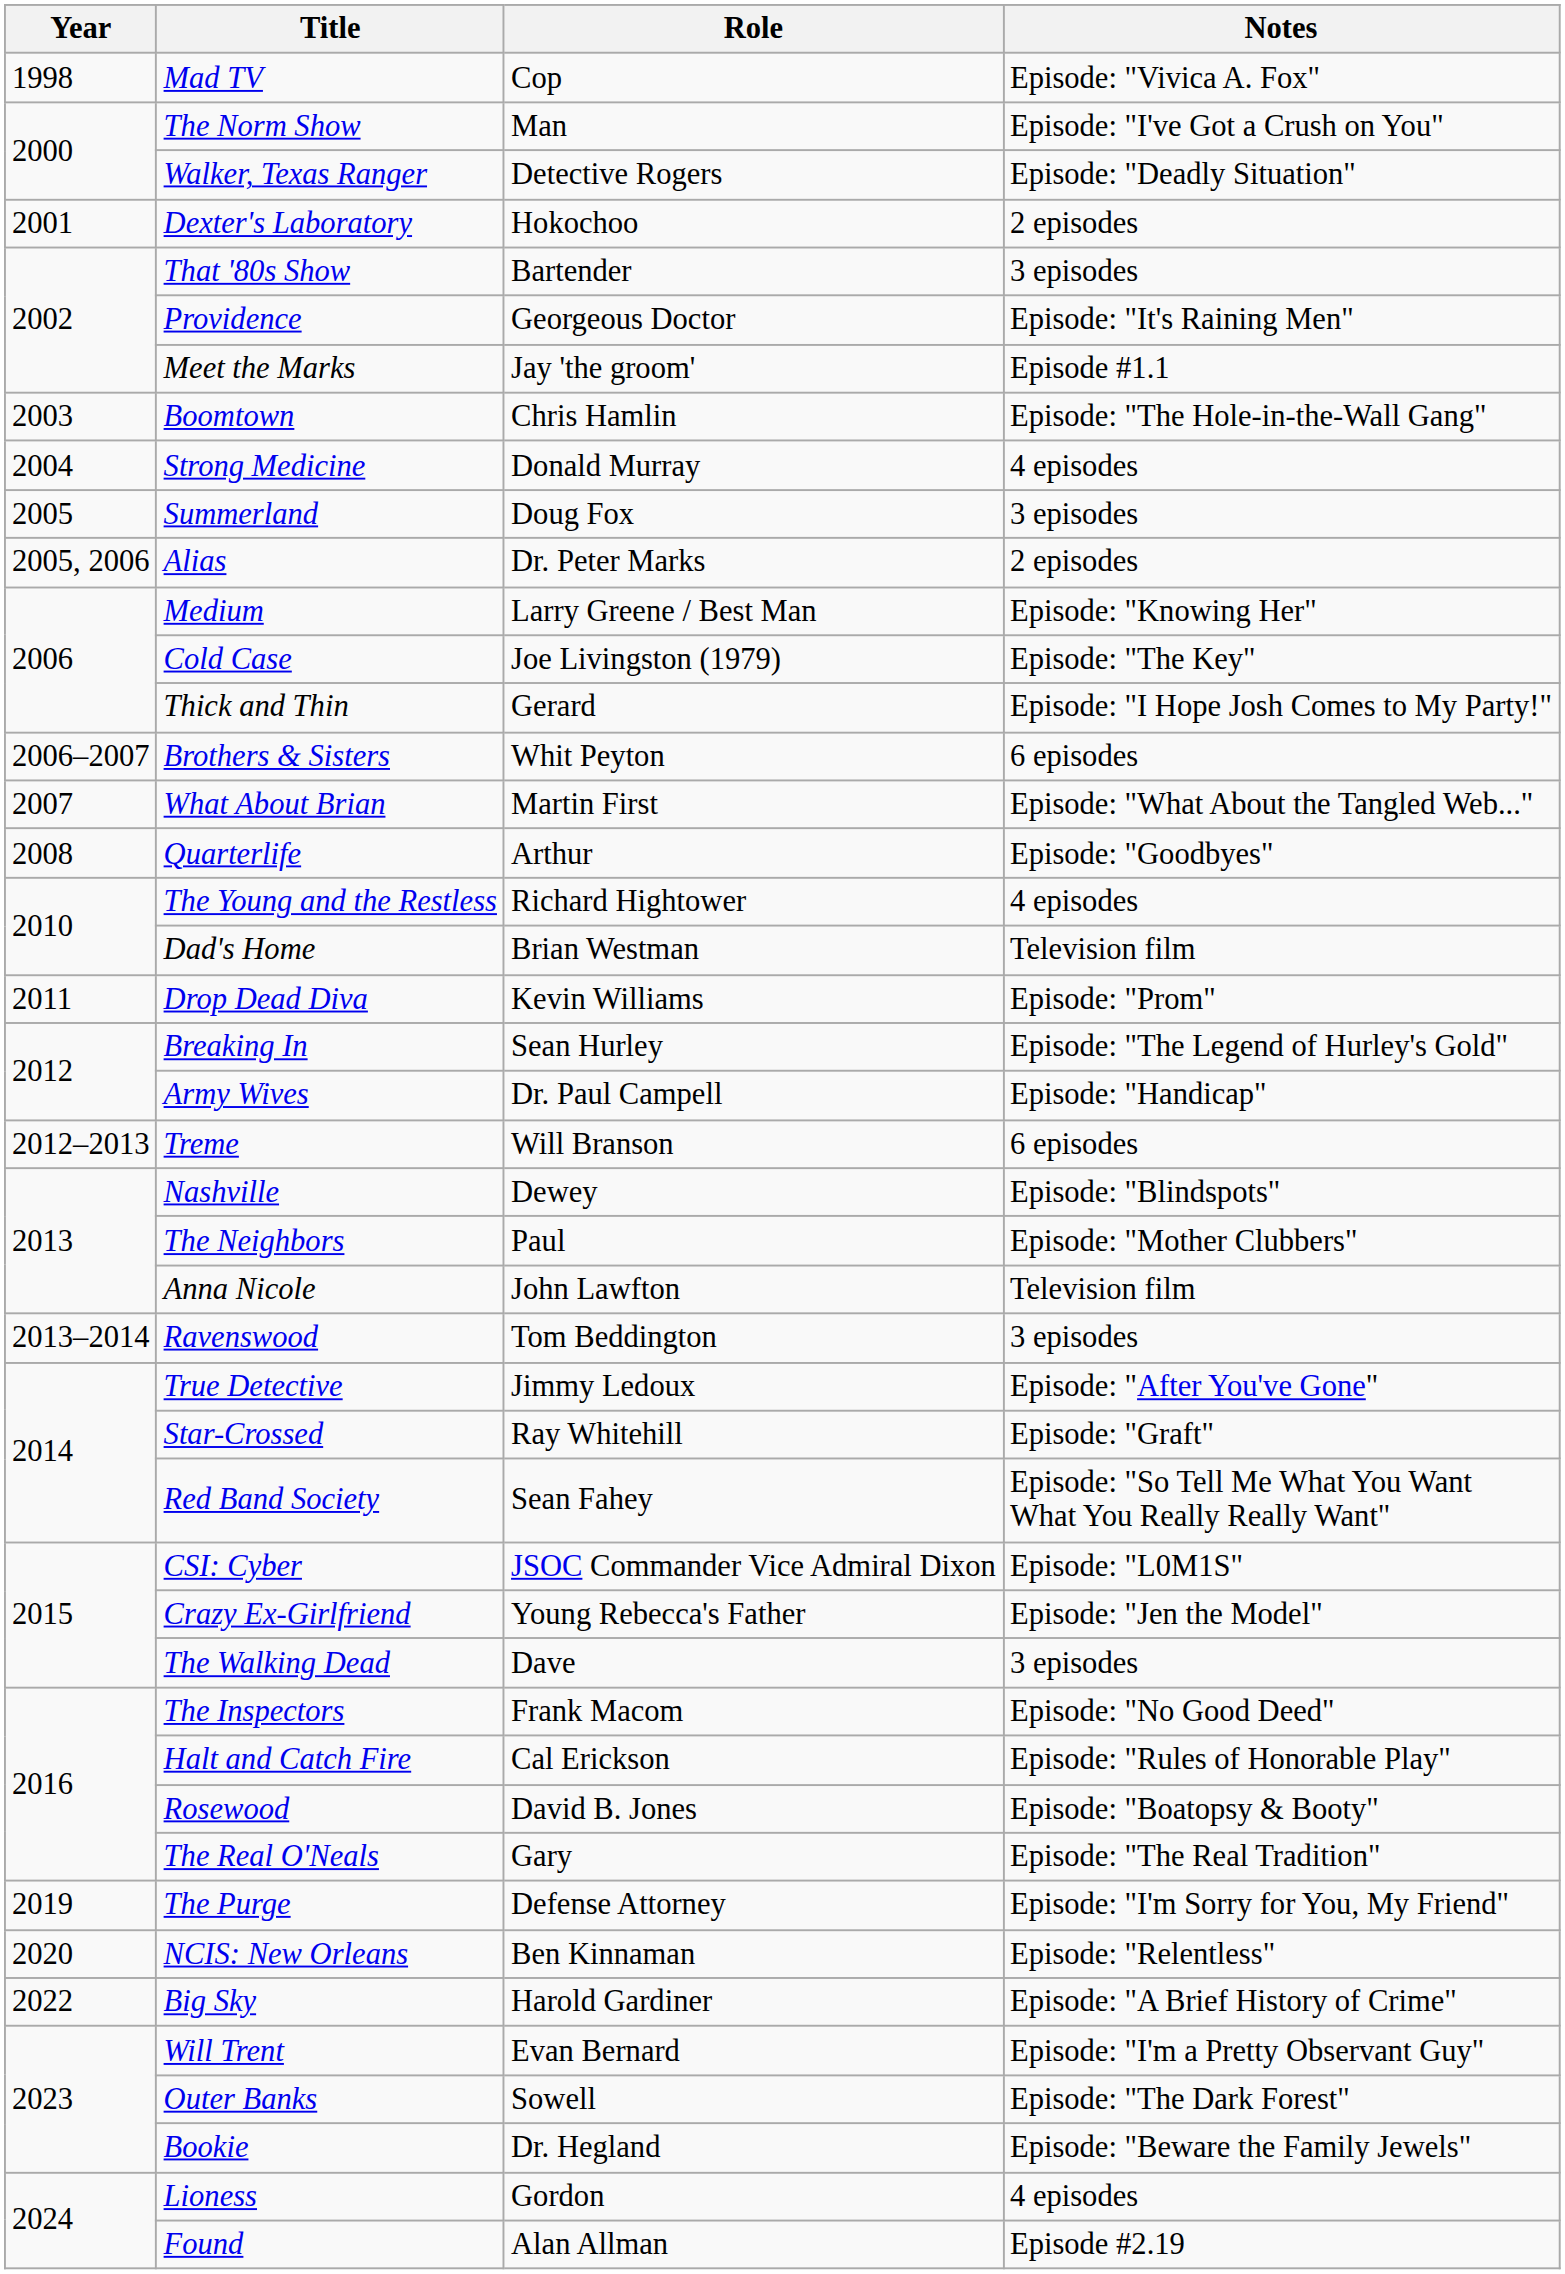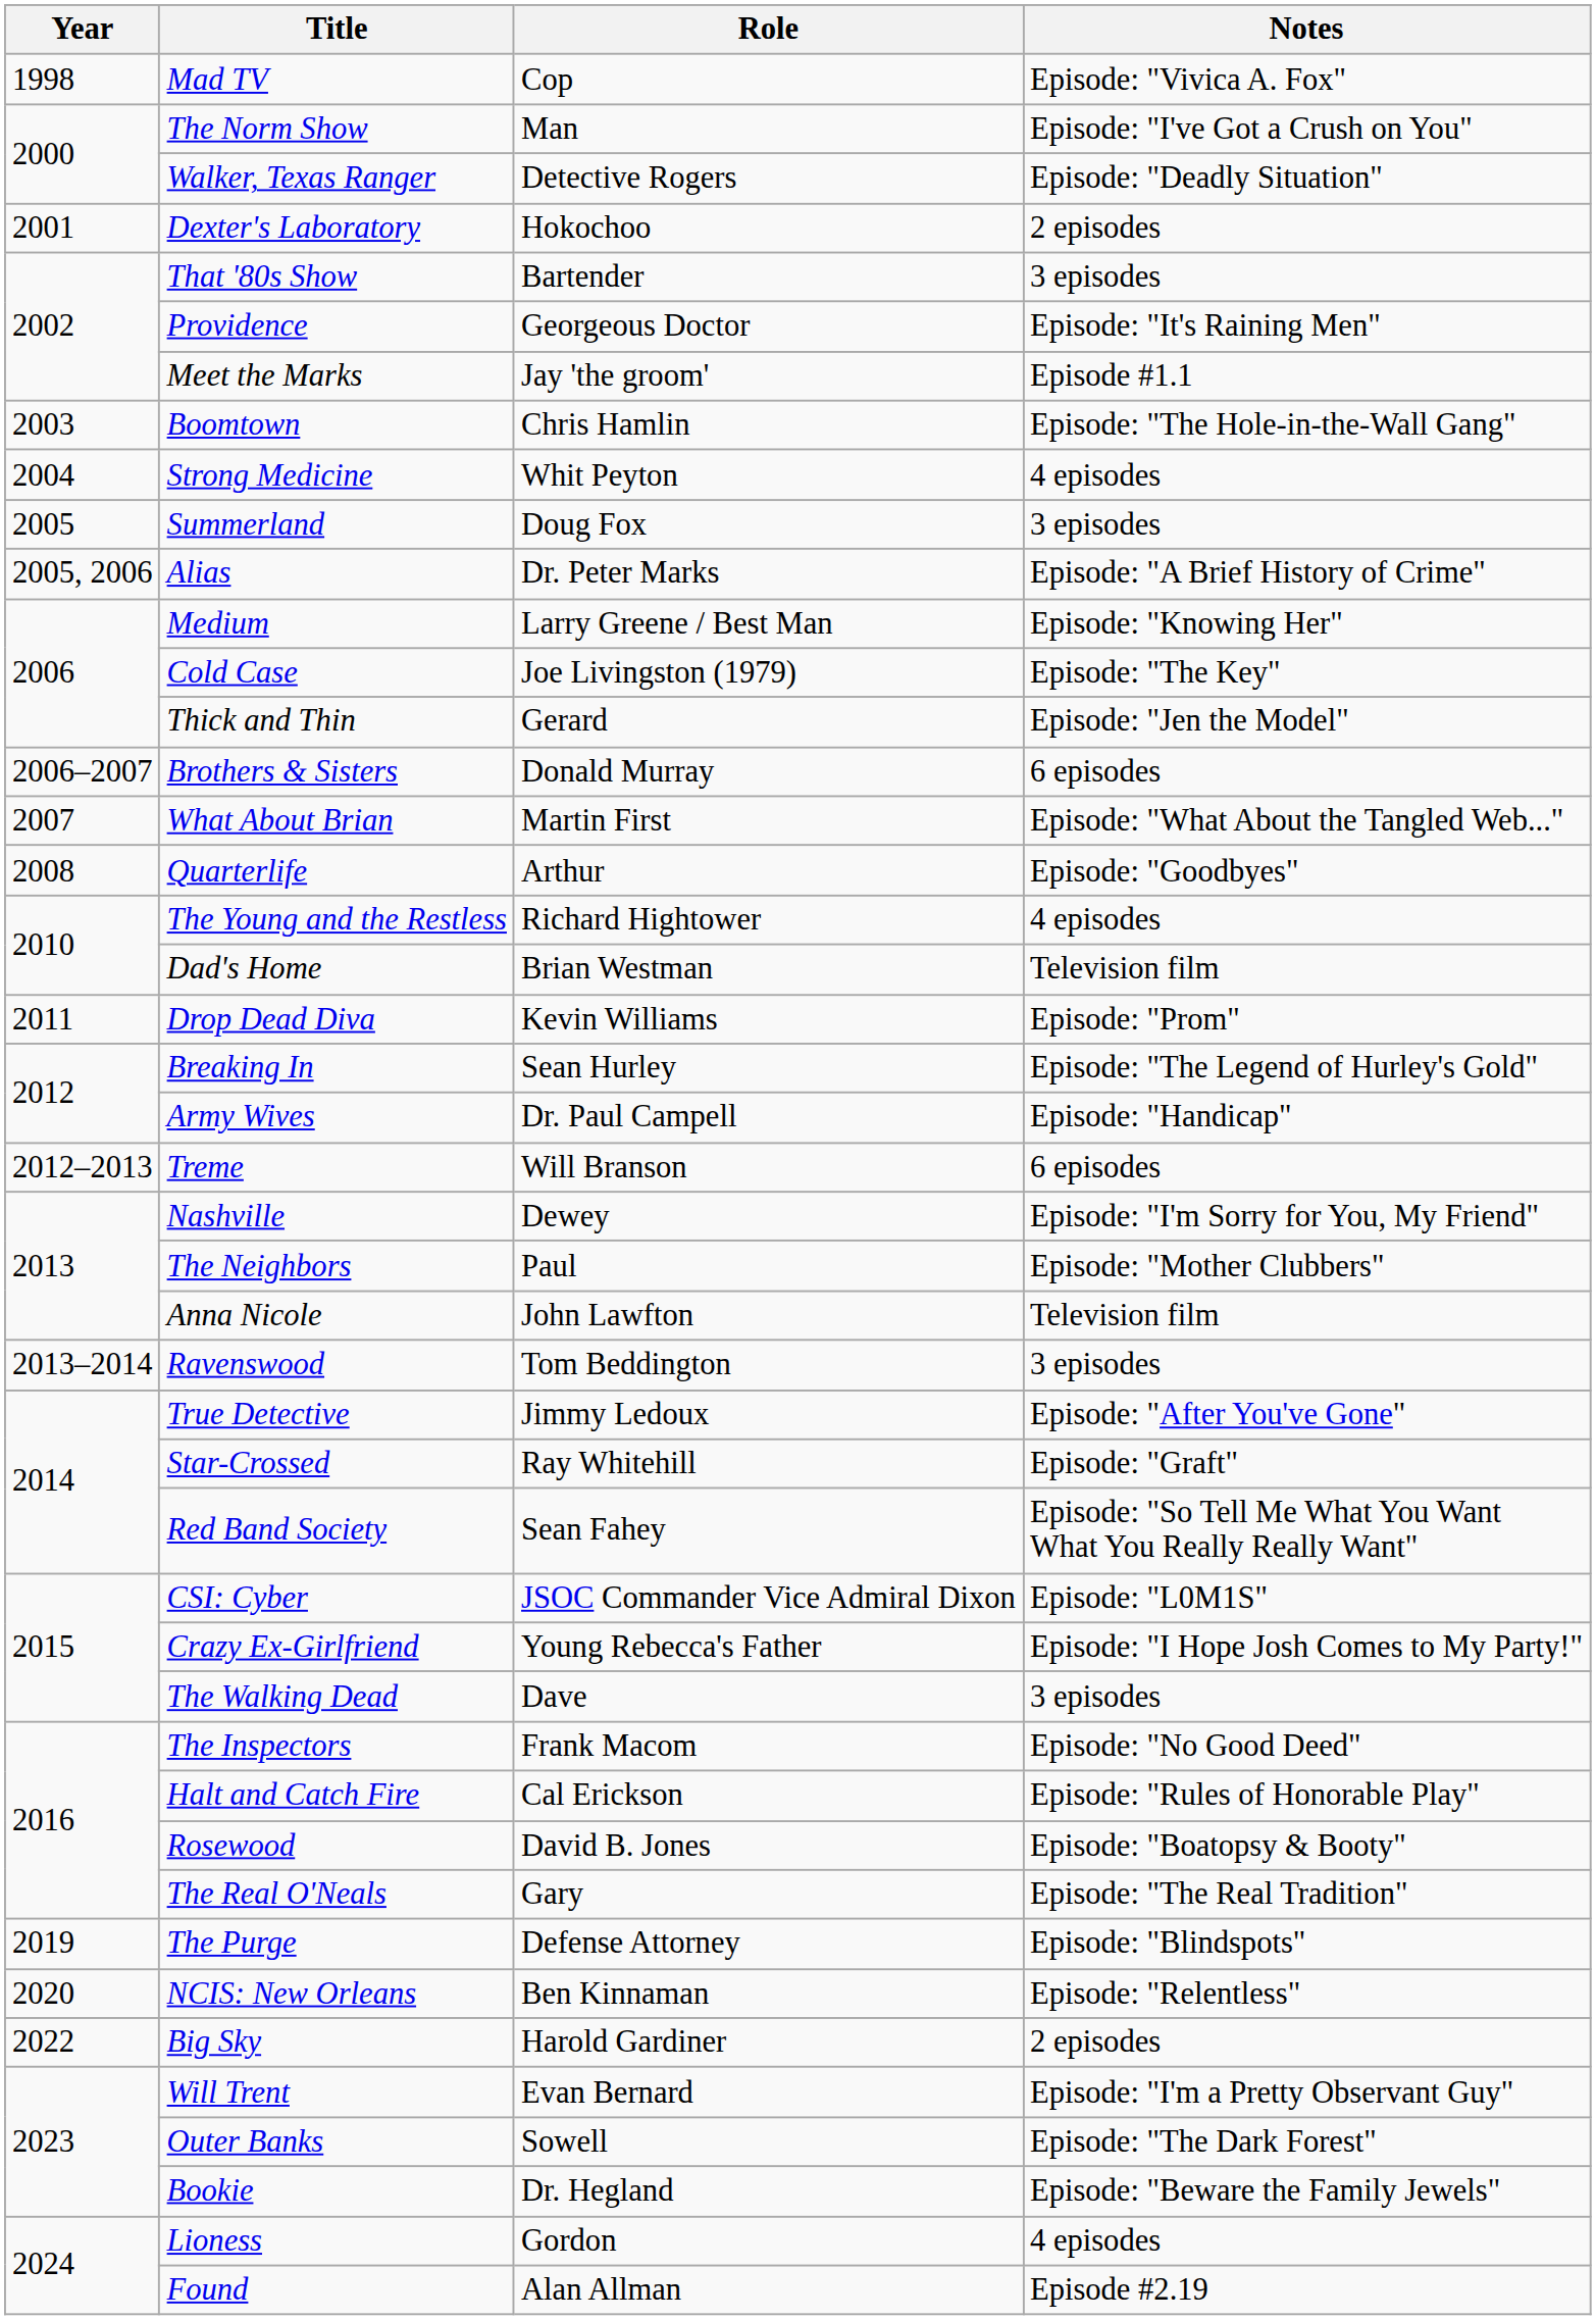 <table class="wikitable sortable">
 <tr>
 <th>Year</th>
 <th>Title</th>
 <th>Role</th>
 <th class="unsortable">Notes</th>
 </tr>
 <tr>
 <td>1998</td>
 <td><em><a href='#'>Mad TV</a></em></td>
 <td>Cop</td>
 <td>Episode: "Vivica A. Fox"</td>
 </tr>
 <tr>
 <td rowspan="2">2000</td>
 <td><em><a href='#'>The Norm Show</a></em></td>
 <td>Man</td>
 <td>Episode: "I've Got a Crush on You"</td>
 </tr>
 <tr>
 <td><em><a href='#'>Walker, Texas Ranger</a></em></td>
 <td>Detective Rogers</td>
 <td>Episode: "Deadly Situation"</td>
 </tr>
 <tr>
 <td>2001</td>
 <td><em><a href='#'>Dexter's Laboratory</a></em></td>
 <td>Hokochoo</td>
 <td>2 episodes</td>
 </tr>
 <tr>
 <td rowspan="3">2002</td>
 <td><em><a href='#'>That '80s Show</a></em></td>
 <td>Bartender</td>
 <td>3 episodes</td>
 </tr>
 <tr>
 <td><a href='#'><em>Providence</em></a></td>
 <td>Georgeous Doctor</td>
 <td>Episode: "It's Raining Men"</td>
 </tr>
 <tr>
 <td><em>Meet the Marks</em></td>
 <td>Jay 'the groom'</td>
 <td>Episode #1.1</td>
 </tr>
 <tr>
 <td>2003</td>
 <td><a href='#'><em>Boomtown</em></a></td>
 <td>Chris Hamlin</td>
 <td>Episode: "The Hole-in-the-Wall Gang"</td>
 </tr>
 <tr>
 <td>2004</td>
 <td><em><a href='#'>Strong Medicine</a></em></td>
-<td>Donald Murray</td>
+<td>Whit Peyton</td>
 <td>4 episodes</td>
 </tr>
 <tr>
 <td>2005</td>
 <td><a href='#'><em>Summerland</em></a></td>
 <td>Doug Fox</td>
 <td>3 episodes</td>
 </tr>
 <tr>
 <td>2005, 2006</td>
 <td><a href='#'><em>Alias</em></a></td>
 <td>Dr. Peter Marks</td>
-<td>2 episodes</td>
+<td>Episode: "A Brief History of Crime"</td>
 </tr>
 <tr>
 <td rowspan="3">2006</td>
 <td><a href='#'><em>Medium</em></a></td>
 <td>Larry Greene / Best Man</td>
 <td>Episode: "Knowing Her"</td>
 </tr>
 <tr>
 <td><em><a href='#'>Cold Case</a></em></td>
 <td>Joe Livingston (1979)</td>
 <td>Episode: "The Key"</td>
 </tr>
 <tr>
 <td><em>Thick and Thin</em></td>
 <td>Gerard</td>
-<td>Episode: "I Hope Josh Comes to My Party!"</td>
+<td>Episode: "Jen the Model"</td>
 </tr>
 <tr>
 <td>2006–2007</td>
 <td><a href='#'><em>Brothers & Sisters</em></a></td>
-<td>Whit Peyton</td>
+<td>Donald Murray</td>
 <td>6 episodes</td>
 </tr>
 <tr>
 <td>2007</td>
 <td><em><a href='#'>What About Brian</a></em></td>
 <td>Martin First</td>
 <td>Episode: "What About the Tangled Web..."</td>
 </tr>
 <tr>
 <td>2008</td>
 <td><em><a href='#'>Quarterlife</a></em></td>
 <td>Arthur</td>
 <td>Episode: "Goodbyes"</td>
 </tr>
 <tr>
 <td rowspan="2">2010</td>
 <td><em><a href='#'>The Young and the Restless</a></em></td>
 <td>Richard Hightower</td>
 <td>4 episodes</td>
 </tr>
 <tr>
 <td><em>Dad's Home</em></td>
 <td>Brian Westman</td>
 <td>Television film</td>
 </tr>
 <tr>
 <td>2011</td>
 <td><em><a href='#'>Drop Dead Diva</a></em></td>
 <td>Kevin Williams</td>
 <td>Episode: "Prom"</td>
 </tr>
 <tr>
 <td rowspan="2">2012</td>
 <td><a href='#'><em>Breaking In</em></a></td>
 <td>Sean Hurley</td>
 <td>Episode: "The Legend of Hurley's Gold"</td>
 </tr>
 <tr>
 <td><em><a href='#'>Army Wives</a></em></td>
 <td>Dr. Paul Campell</td>
 <td>Episode: "Handicap"</td>
 </tr>
 <tr>
 <td>2012–2013</td>
 <td><a href='#'><em>Treme</em></a></td>
 <td>Will Branson</td>
 <td>6 episodes</td>
 </tr>
 <tr>
 <td rowspan="3">2013</td>
 <td><a href='#'><em>Nashville</em></a></td>
 <td>Dewey</td>
-<td>Episode: "Blindspots"</td>
+<td>Episode: "I'm Sorry for You, My Friend"</td>
 </tr>
 <tr>
 <td><a href='#'><em>The Neighbors</em></a></td>
 <td>Paul</td>
 <td>Episode: "Mother Clubbers"</td>
 </tr>
 <tr>
 <td><em>Anna Nicole</em></td>
 <td>John Lawfton</td>
 <td>Television film</td>
 </tr>
 <tr>
 <td>2013–2014</td>
 <td><a href='#'><em>Ravenswood</em></a></td>
 <td>Tom Beddington</td>
 <td>3 episodes</td>
 </tr>
 <tr>
 <td rowspan="3">2014</td>
 <td><em><a href='#'>True Detective</a></em></td>
 <td>Jimmy Ledoux</td>
 <td>Episode: "<a href='#'>After You've Gone</a>"</td>
 </tr>
 <tr>
 <td><a href='#'><em>Star-Crossed</em></a></td>
 <td>Ray Whitehill</td>
 <td>Episode: "Graft"</td>
 </tr>
 <tr>
 <td><em><a href='#'>Red Band Society</a></em></td>
 <td>Sean Fahey</td>
 <td>Episode: "So Tell Me What You Want<br>What You Really Really Want"</td>
 </tr>
 <tr>
 <td rowspan="3">2015</td>
 <td><em><a href='#'>CSI: Cyber</a></em></td>
 <td><a href='#'>JSOC</a> Commander Vice Admiral Dixon</td>
 <td>Episode: "L0M1S"</td>
 </tr>
 <tr>
 <td><em><a href='#'>Crazy Ex-Girlfriend</a></em></td>
 <td>Young Rebecca's Father</td>
-<td>Episode: "Jen the Model"</td>
+<td>Episode: "I Hope Josh Comes to My Party!"</td>
 </tr>
 <tr>
 <td><a href='#'><em>The Walking Dead</em></a></td>
 <td>Dave</td>
 <td>3 episodes</td>
 </tr>
 <tr>
 <td rowspan="4">2016</td>
 <td><em><a href='#'>The Inspectors</a></em></td>
 <td>Frank Macom</td>
 <td>Episode: "No Good Deed"</td>
 </tr>
 <tr>
 <td><a href='#'><em>Halt and Catch Fire</em></a></td>
 <td>Cal Erickson</td>
 <td>Episode: "Rules of Honorable Play"</td>
 </tr>
 <tr>
 <td><a href='#'><em>Rosewood</em></a></td>
 <td>David B. Jones</td>
 <td>Episode: "Boatopsy & Booty"</td>
 </tr>
 <tr>
 <td><em><a href='#'>The Real O'Neals</a></em></td>
 <td>Gary</td>
 <td>Episode: "The Real Tradition"</td>
 </tr>
 <tr>
 <td>2019</td>
 <td><a href='#'><em>The Purge</em></a></td>
 <td>Defense Attorney</td>
-<td>Episode: "I'm Sorry for You, My Friend"</td>
+<td>Episode: "Blindspots"</td>
 </tr>
 <tr>
 <td>2020</td>
 <td><em><a href='#'>NCIS: New Orleans</a></em></td>
 <td>Ben Kinnaman</td>
 <td>Episode: "Relentless"</td>
 </tr>
 <tr>
 <td>2022</td>
 <td><em><a href='#'>Big Sky</a></em></td>
 <td>Harold Gardiner</td>
-<td>Episode: "A Brief History of Crime"</td>
+<td>2 episodes</td>
 </tr>
 <tr>
 <td rowspan="3">2023</td>
 <td><em><a href='#'>Will Trent</a></em></td>
 <td>Evan Bernard</td>
 <td>Episode: "I'm a Pretty Observant Guy"</td>
 </tr>
 <tr>
 <td><em><a href='#'>Outer Banks</a></em></td>
 <td>Sowell</td>
 <td>Episode: "The Dark Forest"</td>
 </tr>
 <tr>
 <td><em><a href='#'>Bookie</a></em></td>
 <td>Dr. Hegland</td>
 <td>Episode: "Beware the Family Jewels"</td>
 </tr>
 <tr>
 <td rowspan="2">2024</td>
 <td><em><a href='#'>Lioness</a></em></td>
 <td>Gordon</td>
 <td>4 episodes</td>
 </tr>
 <tr>
 <td><em><a href='#'>Found</a></em></td>
 <td>Alan Allman</td>
 <td>Episode #2.19</td>
 </tr>
 </table>
